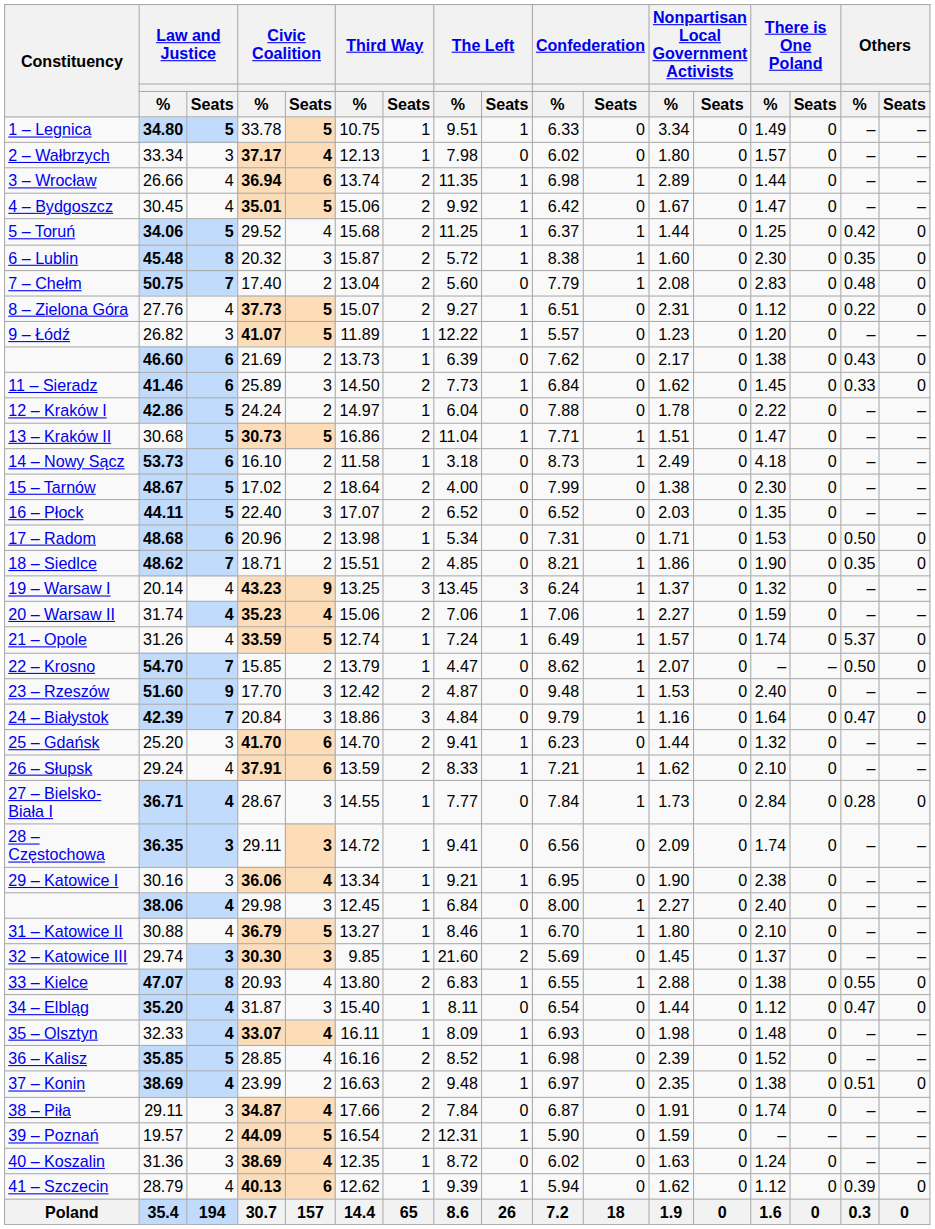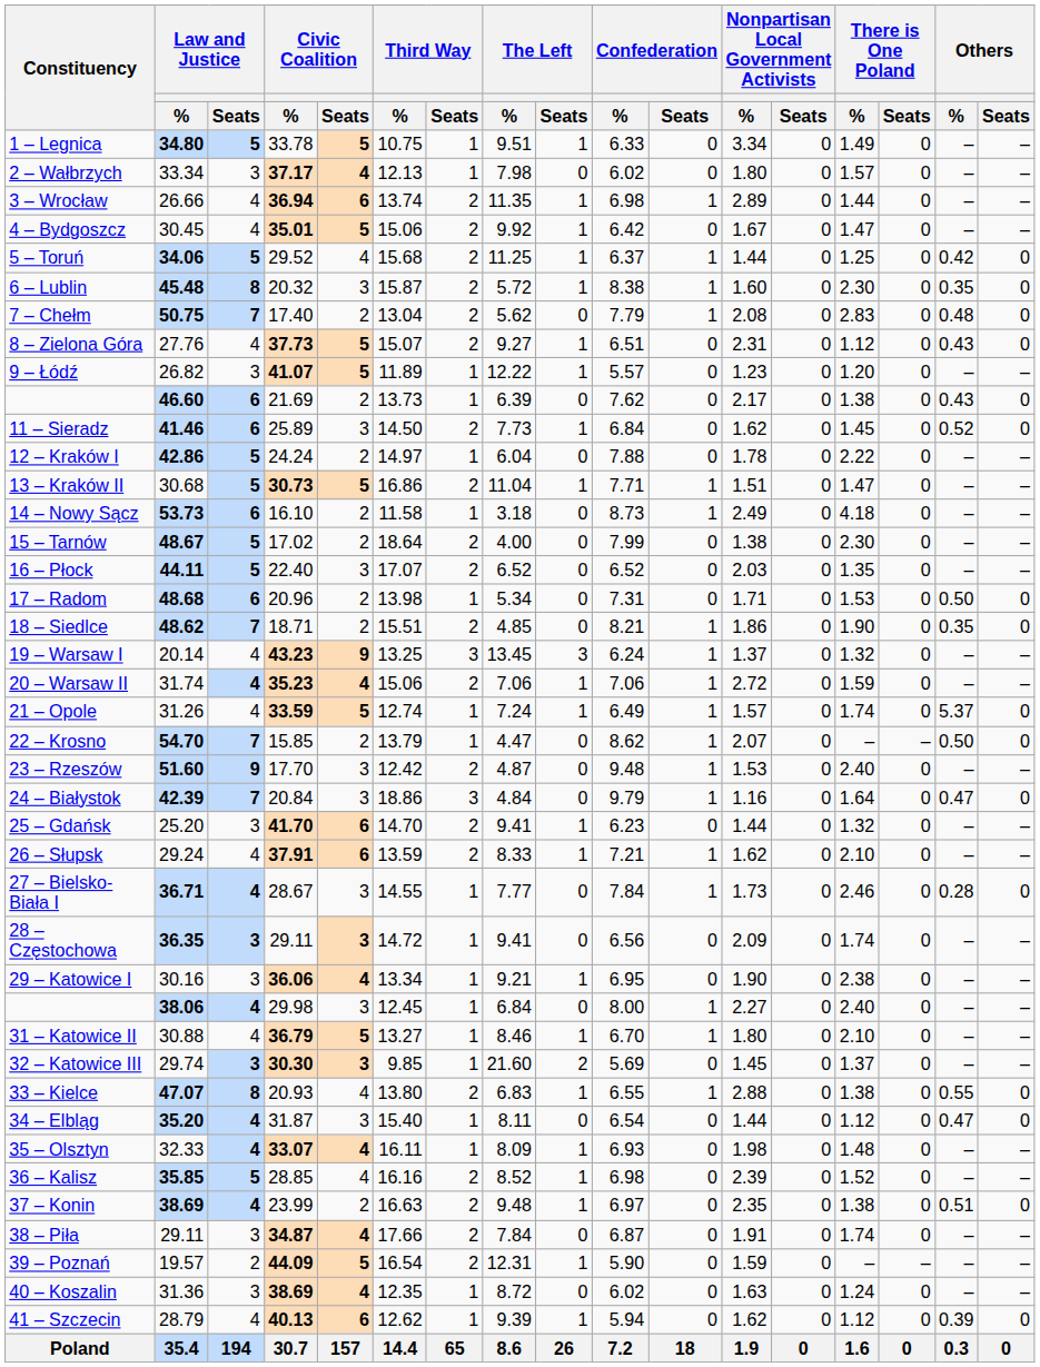 <table class="wikitable sortable" style="text-align:right; font-size:95%">
 <tr style="height:42px; text-align:center; background-color:#E9E9E9;">
 <th rowspan="3" style="width:120px;">Constituency</th>
 <th colspan="2" data-sort-type="number" style="width:40px;"><a href='#'>Law and Justice</a></th>
 <th colspan="2" data-sort-type="number" style="width:40px;"><a href='#'>Civic Coalition</a></th>
 <th colspan="2" data-sort-type="number" style="width:40px;"><a href='#'>Third Way</a></th>
 <th colspan="2" data-sort-type="number" style="width:40px;"><a href='#'>The Left</a></th>
 <th colspan="2" data-sort-type="number" style="width:40px;"><a href='#'>Confederation</a></th>
 <th colspan="2" data-sort-type="number" style="width:40px;"><a href='#'>Nonpartisan Local Government Activists</a></th>
 <th colspan="2" data-sort-type="number" style="width:40px;"><a href='#'>There is One Poland</a></th>
 <th colspan="2" data-sort-type="number" style="width:40px;">Others</th>
 </tr>
 <tr>
 <th colspan="2" style="background:"></th>
 <th colspan="2" style="background:"></th>
 <th colspan="2" style="background:"></th>
 <th colspan="2" style="background:"></th>
 <th colspan="2" style="background:"></th>
 <th colspan="2" style="background:"></th>
 <th colspan="2" style="background:"></th>
 <th colspan="2" style="background:"></th>
 </tr>
 <tr>
 <th>%</th>
 <th>Seats</th>
 <th>%</th>
 <th>Seats</th>
 <th>%</th>
 <th>Seats</th>
 <th>%</th>
 <th>Seats</th>
 <th>%</th>
 <th>Seats</th>
 <th>%</th>
 <th>Seats</th>
 <th>%</th>
 <th>Seats</th>
 <th>%</th>
 <th>Seats</th>
 </tr>
 <tr>
 <td align="left"><a href='#'>1 – Legnica</a></td>
 <td style="font-weight:bold; background:#C0DBFC">34.80</td>
 <td style="font-weight:bold; background:#C0DBFC">5</td>
 <td>33.78</td>
 <td style="font-weight:bold; background:#FDDCB8">5</td>
 <td>10.75</td>
 <td>1</td>
 <td>9.51</td>
 <td>1</td>
 <td>6.33</td>
 <td>0</td>
 <td>3.34</td>
 <td>0</td>
 <td>1.49</td>
 <td>0</td>
 <td>–</td>
 <td>–</td>
 </tr>
 <tr>
 <td align="left"><a href='#'>2 – Wałbrzych</a></td>
 <td>33.34</td>
 <td>3</td>
 <td style="font-weight:bold; background:#FDDCB8">37.17</td>
 <td style="font-weight:bold; background:#FDDCB8">4</td>
 <td>12.13</td>
 <td>1</td>
 <td>7.98</td>
 <td>0</td>
 <td>6.02</td>
 <td>0</td>
 <td>1.80</td>
 <td>0</td>
 <td>1.57</td>
 <td>0</td>
 <td>–</td>
 <td>–</td>
 </tr>
 <tr>
 <td align="left"><a href='#'>3 – Wrocław</a></td>
 <td>26.66</td>
 <td>4</td>
 <td style="font-weight:bold; background:#FDDCB8">36.94</td>
 <td style="font-weight:bold; background:#FDDCB8">6</td>
 <td>13.74</td>
 <td>2</td>
 <td>11.35</td>
 <td>1</td>
 <td>6.98</td>
 <td>1</td>
 <td>2.89</td>
 <td>0</td>
 <td>1.44</td>
 <td>0</td>
 <td>–</td>
 <td>–</td>
 </tr>
 <tr>
 <td align="left"><a href='#'>4 – Bydgoszcz</a></td>
 <td>30.45</td>
 <td>4</td>
 <td style="font-weight:bold; background:#FDDCB8">35.01</td>
 <td style="font-weight:bold; background:#FDDCB8">5</td>
 <td>15.06</td>
 <td>2</td>
 <td>9.92</td>
 <td>1</td>
 <td>6.42</td>
 <td>0</td>
 <td>1.67</td>
 <td>0</td>
 <td>1.47</td>
 <td>0</td>
 <td>–</td>
 <td>–</td>
 </tr>
 <tr>
 <td align="left"><a href='#'>5 – Toruń</a></td>
 <td style="font-weight:bold; background:#C0DBFC">34.06</td>
 <td style="font-weight:bold; background:#C0DBFC">5</td>
 <td>29.52</td>
 <td>4</td>
 <td>15.68</td>
 <td>2</td>
 <td>11.25</td>
 <td>1</td>
 <td>6.37</td>
 <td>1</td>
 <td>1.44</td>
 <td>0</td>
 <td>1.25</td>
 <td>0</td>
 <td>0.42</td>
 <td>0</td>
 </tr>
 <tr>
 <td align="left"><a href='#'>6 – Lublin</a></td>
 <td style="font-weight:bold; background:#C0DBFC">45.48</td>
 <td style="font-weight:bold; background:#C0DBFC">8</td>
 <td>20.32</td>
 <td>3</td>
 <td>15.87</td>
 <td>2</td>
 <td>5.72</td>
 <td>1</td>
 <td>8.38</td>
 <td>1</td>
 <td>1.60</td>
 <td>0</td>
 <td>2.30</td>
 <td>0</td>
 <td>0.35</td>
 <td>0</td>
 </tr>
 <tr>
 <td align="left"><a href='#'>7 – Chełm</a></td>
 <td style="font-weight:bold; background:#C0DBFC">50.75</td>
 <td style="font-weight:bold; background:#C0DBFC">7</td>
 <td>17.40</td>
 <td>2</td>
 <td>13.04</td>
 <td>2</td>
-<td>5.60</td>
+<td>5.62</td>
 <td>0</td>
 <td>7.79</td>
 <td>1</td>
 <td>2.08</td>
 <td>0</td>
 <td>2.83</td>
 <td>0</td>
 <td>0.48</td>
 <td>0</td>
 </tr>
 <tr>
 <td align="left"><a href='#'>8 – Zielona Góra</a></td>
 <td>27.76</td>
 <td>4</td>
 <td style="font-weight:bold; background:#FDDCB8">37.73</td>
 <td style="font-weight:bold; background:#FDDCB8">5</td>
 <td>15.07</td>
 <td>2</td>
 <td>9.27</td>
 <td>1</td>
 <td>6.51</td>
 <td>0</td>
 <td>2.31</td>
 <td>0</td>
 <td>1.12</td>
 <td>0</td>
-<td>0.22</td>
+<td>0.43</td>
 <td>0</td>
 </tr>
 <tr>
 <td align="left"><a href='#'>9 – Łódź</a></td>
 <td>26.82</td>
 <td>3</td>
 <td style="font-weight:bold; background:#FDDCB8">41.07</td>
 <td style="font-weight:bold; background:#FDDCB8">5</td>
 <td>11.89</td>
 <td>1</td>
 <td>12.22</td>
 <td>1</td>
 <td>5.57</td>
 <td>0</td>
 <td>1.23</td>
 <td>0</td>
 <td>1.20</td>
 <td>0</td>
 <td>–</td>
 <td>–</td>
 </tr>
 <tr>
 <td align="left"></td>
 <td style="font-weight:bold; background:#C0DBFC">46.60</td>
 <td style="font-weight:bold; background:#C0DBFC">6</td>
 <td>21.69</td>
 <td>2</td>
 <td>13.73</td>
 <td>1</td>
 <td>6.39</td>
 <td>0</td>
 <td>7.62</td>
 <td>0</td>
 <td>2.17</td>
 <td>0</td>
 <td>1.38</td>
 <td>0</td>
 <td>0.43</td>
 <td>0</td>
 </tr>
 <tr>
 <td align="left"><a href='#'>11 – Sieradz</a></td>
 <td style="font-weight:bold; background:#C0DBFC">41.46</td>
 <td style="font-weight:bold; background:#C0DBFC">6</td>
 <td>25.89</td>
 <td>3</td>
 <td>14.50</td>
 <td>2</td>
 <td>7.73</td>
 <td>1</td>
 <td>6.84</td>
 <td>0</td>
 <td>1.62</td>
 <td>0</td>
 <td>1.45</td>
 <td>0</td>
-<td>0.33</td>
+<td>0.52</td>
 <td>0</td>
 </tr>
 <tr>
 <td align="left"><a href='#'>12 – Kraków I</a></td>
 <td style="font-weight:bold; background:#C0DBFC">42.86</td>
 <td style="font-weight:bold; background:#C0DBFC">5</td>
 <td>24.24</td>
 <td>2</td>
 <td>14.97</td>
 <td>1</td>
 <td>6.04</td>
 <td>0</td>
 <td>7.88</td>
 <td>0</td>
 <td>1.78</td>
 <td>0</td>
 <td>2.22</td>
 <td>0</td>
 <td>–</td>
 <td>–</td>
 </tr>
 <tr>
 <td align="left"><a href='#'>13 – Kraków II</a></td>
 <td>30.68</td>
 <td style="font-weight:bold; background:#C0DBFC">5</td>
 <td style="font-weight:bold; background:#FDDCB8">30.73</td>
 <td style="font-weight:bold; background:#FDDCB8">5</td>
 <td>16.86</td>
 <td>2</td>
 <td>11.04</td>
 <td>1</td>
 <td>7.71</td>
 <td>1</td>
 <td>1.51</td>
 <td>0</td>
 <td>1.47</td>
 <td>0</td>
 <td>–</td>
 <td>–</td>
 </tr>
 <tr>
 <td align="left"><a href='#'>14 – Nowy Sącz</a></td>
 <td style="font-weight:bold; background:#C0DBFC">53.73</td>
 <td style="font-weight:bold; background:#C0DBFC">6</td>
 <td>16.10</td>
 <td>2</td>
 <td>11.58</td>
 <td>1</td>
 <td>3.18</td>
 <td>0</td>
 <td>8.73</td>
 <td>1</td>
 <td>2.49</td>
 <td>0</td>
 <td>4.18</td>
 <td>0</td>
 <td>–</td>
 <td>–</td>
 </tr>
 <tr>
 <td align="left"><a href='#'>15 – Tarnów</a></td>
 <td style="font-weight:bold; background:#C0DBFC">48.67</td>
 <td style="font-weight:bold; background:#C0DBFC">5</td>
 <td>17.02</td>
 <td>2</td>
 <td>18.64</td>
 <td>2</td>
 <td>4.00</td>
 <td>0</td>
 <td>7.99</td>
 <td>0</td>
 <td>1.38</td>
 <td>0</td>
 <td>2.30</td>
 <td>0</td>
 <td>–</td>
 <td>–</td>
 </tr>
 <tr>
 <td align="left"><a href='#'>16 – Płock</a></td>
 <td style="font-weight:bold; background:#C0DBFC">44.11</td>
 <td style="font-weight:bold; background:#C0DBFC">5</td>
 <td>22.40</td>
 <td>3</td>
 <td>17.07</td>
 <td>2</td>
 <td>6.52</td>
 <td>0</td>
 <td>6.52</td>
 <td>0</td>
 <td>2.03</td>
 <td>0</td>
 <td>1.35</td>
 <td>0</td>
 <td>–</td>
 <td>–</td>
 </tr>
 <tr>
 <td align="left"><a href='#'>17 – Radom</a></td>
 <td style="font-weight:bold; background:#C0DBFC">48.68</td>
 <td style="font-weight:bold; background:#C0DBFC">6</td>
 <td>20.96</td>
 <td>2</td>
 <td>13.98</td>
 <td>1</td>
 <td>5.34</td>
 <td>0</td>
 <td>7.31</td>
 <td>0</td>
 <td>1.71</td>
 <td>0</td>
 <td>1.53</td>
 <td>0</td>
 <td>0.50</td>
 <td>0</td>
 </tr>
 <tr>
 <td align="left"><a href='#'>18 – Siedlce</a></td>
 <td style="font-weight:bold; background:#C0DBFC">48.62</td>
 <td style="font-weight:bold; background:#C0DBFC">7</td>
 <td>18.71</td>
 <td>2</td>
 <td>15.51</td>
 <td>2</td>
 <td>4.85</td>
 <td>0</td>
 <td>8.21</td>
 <td>1</td>
 <td>1.86</td>
 <td>0</td>
 <td>1.90</td>
 <td>0</td>
 <td>0.35</td>
 <td>0</td>
 </tr>
 <tr>
 <td align="left"><a href='#'>19 – Warsaw I</a></td>
 <td>20.14</td>
 <td>4</td>
 <td style="font-weight:bold; background:#FDDCB8">43.23</td>
 <td style="font-weight:bold; background:#FDDCB8">9</td>
 <td>13.25</td>
 <td>3</td>
 <td>13.45</td>
 <td>3</td>
 <td>6.24</td>
 <td>1</td>
 <td>1.37</td>
 <td>0</td>
 <td>1.32</td>
 <td>0</td>
 <td>–</td>
 <td>–</td>
 </tr>
 <tr>
 <td align="left"><a href='#'>20 – Warsaw II</a></td>
 <td>31.74</td>
 <td style="font-weight:bold; background:#C0DBFC">4</td>
 <td style="font-weight:bold; background:#FDDCB8">35.23</td>
 <td style="font-weight:bold; background:#FDDCB8">4</td>
 <td>15.06</td>
 <td>2</td>
 <td>7.06</td>
 <td>1</td>
 <td>7.06</td>
 <td>1</td>
-<td>2.27</td>
+<td>2.72</td>
 <td>0</td>
 <td>1.59</td>
 <td>0</td>
 <td>–</td>
 <td>–</td>
 </tr>
 <tr>
 <td align="left"><a href='#'>21 – Opole</a></td>
 <td>31.26</td>
 <td>4</td>
 <td style="font-weight:bold; background:#FDDCB8">33.59</td>
 <td style="font-weight:bold; background:#FDDCB8">5</td>
 <td>12.74</td>
 <td>1</td>
 <td>7.24</td>
 <td>1</td>
 <td>6.49</td>
 <td>1</td>
 <td>1.57</td>
 <td>0</td>
 <td>1.74</td>
 <td>0</td>
 <td>5.37</td>
 <td>0</td>
 </tr>
 <tr>
 <td align="left"><a href='#'>22 – Krosno</a></td>
 <td style="font-weight:bold; background:#C0DBFC">54.70</td>
 <td style="font-weight:bold; background:#C0DBFC">7</td>
 <td>15.85</td>
 <td>2</td>
 <td>13.79</td>
 <td>1</td>
 <td>4.47</td>
 <td>0</td>
 <td>8.62</td>
 <td>1</td>
 <td>2.07</td>
 <td>0</td>
 <td>–</td>
 <td>–</td>
 <td>0.50</td>
 <td>0</td>
 </tr>
 <tr>
 <td align="left"><a href='#'>23 – Rzeszów</a></td>
 <td style="font-weight:bold; background:#C0DBFC">51.60</td>
 <td style="font-weight:bold; background:#C0DBFC">9</td>
 <td>17.70</td>
 <td>3</td>
 <td>12.42</td>
 <td>2</td>
 <td>4.87</td>
 <td>0</td>
 <td>9.48</td>
 <td>1</td>
 <td>1.53</td>
 <td>0</td>
 <td>2.40</td>
 <td>0</td>
 <td>–</td>
 <td>–</td>
 </tr>
 <tr>
 <td align="left"><a href='#'>24 – Białystok</a></td>
 <td style="font-weight:bold; background:#C0DBFC">42.39</td>
 <td style="font-weight:bold; background:#C0DBFC">7</td>
 <td>20.84</td>
 <td>3</td>
 <td>18.86</td>
 <td>3</td>
 <td>4.84</td>
 <td>0</td>
 <td>9.79</td>
 <td>1</td>
 <td>1.16</td>
 <td>0</td>
 <td>1.64</td>
 <td>0</td>
 <td>0.47</td>
 <td>0</td>
 </tr>
 <tr>
 <td align="left"><a href='#'>25 – Gdańsk</a></td>
 <td>25.20</td>
 <td>3</td>
 <td style="font-weight:bold; background:#FDDCB8">41.70</td>
 <td style="font-weight:bold; background:#FDDCB8">6</td>
 <td>14.70</td>
 <td>2</td>
 <td>9.41</td>
 <td>1</td>
 <td>6.23</td>
 <td>0</td>
 <td>1.44</td>
 <td>0</td>
 <td>1.32</td>
 <td>0</td>
 <td>–</td>
 <td>–</td>
 </tr>
 <tr>
 <td align="left"><a href='#'>26 – Słupsk</a></td>
 <td>29.24</td>
 <td>4</td>
 <td style="font-weight:bold; background:#FDDCB8">37.91</td>
 <td style="font-weight:bold; background:#FDDCB8">6</td>
 <td>13.59</td>
 <td>2</td>
 <td>8.33</td>
 <td>1</td>
 <td>7.21</td>
 <td>1</td>
 <td>1.62</td>
 <td>0</td>
 <td>2.10</td>
 <td>0</td>
 <td>–</td>
 <td>–</td>
 </tr>
 <tr>
 <td align="left"><a href='#'>27 – Bielsko-Biała I</a></td>
 <td style="font-weight:bold; background:#C0DBFC">36.71</td>
 <td style="font-weight:bold; background:#C0DBFC">4</td>
 <td>28.67</td>
 <td>3</td>
 <td>14.55</td>
 <td>1</td>
 <td>7.77</td>
 <td>0</td>
 <td>7.84</td>
 <td>1</td>
 <td>1.73</td>
 <td>0</td>
-<td>2.84</td>
+<td>2.46</td>
 <td>0</td>
 <td>0.28</td>
 <td>0</td>
 </tr>
 <tr>
 <td align="left"><a href='#'>28 – Częstochowa</a></td>
 <td style="font-weight:bold; background:#C0DBFC">36.35</td>
 <td style="font-weight:bold; background:#C0DBFC">3</td>
 <td>29.11</td>
 <td style="font-weight:bold; background:#FDDCB8">3</td>
 <td>14.72</td>
 <td>1</td>
 <td>9.41</td>
 <td>0</td>
 <td>6.56</td>
 <td>0</td>
 <td>2.09</td>
 <td>0</td>
 <td>1.74</td>
 <td>0</td>
 <td>–</td>
 <td>–</td>
 </tr>
 <tr>
 <td align="left"><a href='#'>29 – Katowice I</a></td>
 <td>30.16</td>
 <td>3</td>
 <td style="font-weight:bold; background:#FDDCB8">36.06</td>
 <td style="font-weight:bold; background:#FDDCB8">4</td>
 <td>13.34</td>
 <td>1</td>
 <td>9.21</td>
 <td>1</td>
 <td>6.95</td>
 <td>0</td>
 <td>1.90</td>
 <td>0</td>
 <td>2.38</td>
 <td>0</td>
 <td>–</td>
 <td>–</td>
 </tr>
 <tr>
 <td align="left"></td>
 <td style="font-weight:bold; background:#C0DBFC">38.06</td>
 <td style="font-weight:bold; background:#C0DBFC">4</td>
 <td>29.98</td>
 <td>3</td>
 <td>12.45</td>
 <td>1</td>
 <td>6.84</td>
 <td>0</td>
 <td>8.00</td>
 <td>1</td>
 <td>2.27</td>
 <td>0</td>
 <td>2.40</td>
 <td>0</td>
 <td>–</td>
 <td>–</td>
 </tr>
 <tr>
 <td align="left"><a href='#'>31 – Katowice II</a></td>
 <td>30.88</td>
 <td>4</td>
 <td style="font-weight:bold; background:#FDDCB8">36.79</td>
 <td style="font-weight:bold; background:#FDDCB8">5</td>
 <td>13.27</td>
 <td>1</td>
 <td>8.46</td>
 <td>1</td>
 <td>6.70</td>
 <td>1</td>
 <td>1.80</td>
 <td>0</td>
 <td>2.10</td>
 <td>0</td>
 <td>–</td>
 <td>–</td>
 </tr>
 <tr>
 <td align="left"><a href='#'>32 – Katowice III</a></td>
 <td>29.74</td>
 <td style="font-weight:bold; background:#C0DBFC">3</td>
 <td style="font-weight:bold; background:#FDDCB8">30.30</td>
 <td style="font-weight:bold; background:#FDDCB8">3</td>
 <td>9.85</td>
 <td>1</td>
 <td>21.60</td>
 <td>2</td>
 <td>5.69</td>
 <td>0</td>
 <td>1.45</td>
 <td>0</td>
 <td>1.37</td>
 <td>0</td>
 <td>–</td>
 <td>–</td>
 </tr>
 <tr>
 <td align="left"><a href='#'>33 – Kielce</a></td>
 <td style="font-weight:bold; background:#C0DBFC">47.07</td>
 <td style="font-weight:bold; background:#C0DBFC">8</td>
 <td>20.93</td>
 <td>4</td>
 <td>13.80</td>
 <td>2</td>
 <td>6.83</td>
 <td>1</td>
 <td>6.55</td>
 <td>1</td>
 <td>2.88</td>
 <td>0</td>
 <td>1.38</td>
 <td>0</td>
 <td>0.55</td>
 <td>0</td>
 </tr>
 <tr>
 <td align="left"><a href='#'>34 – Elbląg</a></td>
 <td style="font-weight:bold; background:#C0DBFC">35.20</td>
 <td style="font-weight:bold; background:#C0DBFC">4</td>
 <td>31.87</td>
 <td>3</td>
 <td>15.40</td>
 <td>1</td>
 <td>8.11</td>
 <td>0</td>
 <td>6.54</td>
 <td>0</td>
 <td>1.44</td>
 <td>0</td>
 <td>1.12</td>
 <td>0</td>
 <td>0.47</td>
 <td>0</td>
 </tr>
 <tr>
 <td align="left"><a href='#'>35 – Olsztyn</a></td>
 <td>32.33</td>
 <td style="font-weight:bold; background:#C0DBFC">4</td>
 <td style="font-weight:bold; background:#FDDCB8">33.07</td>
 <td style="font-weight:bold; background:#FDDCB8">4</td>
 <td>16.11</td>
 <td>1</td>
 <td>8.09</td>
 <td>1</td>
 <td>6.93</td>
 <td>0</td>
 <td>1.98</td>
 <td>0</td>
 <td>1.48</td>
 <td>0</td>
 <td>–</td>
 <td>–</td>
 </tr>
 <tr>
 <td align="left"><a href='#'>36 – Kalisz</a></td>
 <td style="font-weight:bold; background:#C0DBFC">35.85</td>
 <td style="font-weight:bold; background:#C0DBFC">5</td>
 <td>28.85</td>
 <td>4</td>
 <td>16.16</td>
 <td>2</td>
 <td>8.52</td>
 <td>1</td>
 <td>6.98</td>
 <td>0</td>
 <td>2.39</td>
 <td>0</td>
 <td>1.52</td>
 <td>0</td>
 <td>–</td>
 <td>–</td>
 </tr>
 <tr>
 <td align="left"><a href='#'>37 – Konin</a></td>
 <td style="font-weight:bold; background:#C0DBFC">38.69</td>
 <td style="font-weight:bold; background:#C0DBFC">4</td>
 <td>23.99</td>
 <td>2</td>
 <td>16.63</td>
 <td>2</td>
 <td>9.48</td>
 <td>1</td>
 <td>6.97</td>
 <td>0</td>
 <td>2.35</td>
 <td>0</td>
 <td>1.38</td>
 <td>0</td>
 <td>0.51</td>
 <td>0</td>
 </tr>
 <tr>
 <td align="left"><a href='#'>38 – Piła</a></td>
 <td>29.11</td>
 <td>3</td>
 <td style="font-weight:bold; background:#FDDCB8">34.87</td>
 <td style="font-weight:bold; background:#FDDCB8">4</td>
 <td>17.66</td>
 <td>2</td>
 <td>7.84</td>
 <td>0</td>
 <td>6.87</td>
 <td>0</td>
 <td>1.91</td>
 <td>0</td>
 <td>1.74</td>
 <td>0</td>
 <td>–</td>
 <td>–</td>
 </tr>
 <tr>
 <td align="left"><a href='#'>39 – Poznań</a></td>
 <td>19.57</td>
 <td>2</td>
 <td style="font-weight:bold; background:#FDDCB8">44.09</td>
 <td style="font-weight:bold; background:#FDDCB8">5</td>
 <td>16.54</td>
 <td>2</td>
 <td>12.31</td>
 <td>1</td>
 <td>5.90</td>
 <td>0</td>
 <td>1.59</td>
 <td>0</td>
 <td>–</td>
 <td>–</td>
 <td>–</td>
 <td>–</td>
 </tr>
 <tr>
 <td align="left"><a href='#'>40 – Koszalin</a></td>
 <td>31.36</td>
 <td>3</td>
 <td style="font-weight:bold; background:#FDDCB8">38.69</td>
 <td style="font-weight:bold; background:#FDDCB8">4</td>
 <td>12.35</td>
 <td>1</td>
 <td>8.72</td>
 <td>0</td>
 <td>6.02</td>
 <td>0</td>
 <td>1.63</td>
 <td>0</td>
 <td>1.24</td>
 <td>0</td>
 <td>–</td>
 <td>–</td>
 </tr>
 <tr>
 <td align="left"><a href='#'>41 – Szczecin</a></td>
 <td>28.79</td>
 <td>4</td>
 <td style="font-weight:bold; background:#FDDCB8">40.13</td>
 <td style="font-weight:bold; background:#FDDCB8">6</td>
 <td>12.62</td>
 <td>1</td>
 <td>9.39</td>
 <td>1</td>
 <td>5.94</td>
 <td>0</td>
 <td>1.62</td>
 <td>0</td>
 <td>1.12</td>
 <td>0</td>
 <td>0.39</td>
 <td>0</td>
 </tr>
 <tr class=sortbottom>
 <th>Poland</th>
 <th style="font-weight:bold; background:#C0DBFC">35.4</th>
 <th style="font-weight:bold; background:#C0DBFC">194</th>
 <th>30.7</th>
 <th>157</th>
 <th>14.4</th>
 <th>65</th>
 <th>8.6</th>
 <th>26</th>
 <th>7.2</th>
 <th>18</th>
 <th>1.9</th>
 <th>0</th>
 <th>1.6</th>
 <th>0</th>
 <th>0.3</th>
 <th>0</th>
 </tr>
 </table>
